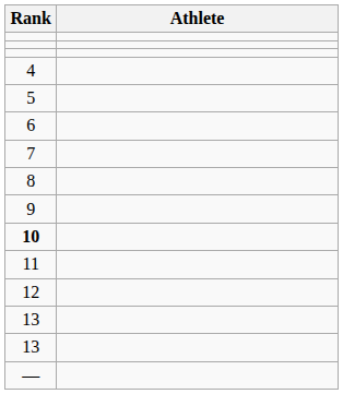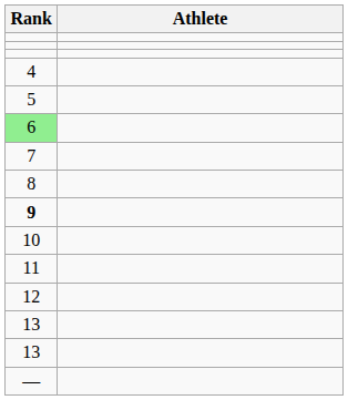 <table class="wikitable" style="text-align: center;">
 <tr>
 <th width=40>Rank</th>
 <th width=250>Athlete</th>
 </tr>
 <tr>
 <td></td>
 <td align="left"></td>
 </tr>
 <tr>
 <td></td>
 <td align="left"></td>
 </tr>
 <tr>
 <td></td>
 <td align="left"></td>
 </tr>
 <tr>
 <td>4</td>
 <td align="left"></td>
 </tr>
 <tr>
 <td>5</td>
 <td align="left"></td>
 </tr>
 <tr>
-<td>6</td>
+<td style="background: lightgreen;">6</td>
 <td align="left"></td>
 </tr>
 <tr>
 <td>7</td>
 <td align="left"></td>
 </tr>
 <tr>
 <td>8</td>
 <td align="left"></td>
 </tr>
 <tr>
-<td>9</td>
+<td><strong>9</strong></td>
 <td align="left"></td>
 </tr>
 <tr>
-<td><strong>10</strong></td>
+<td>10</td>
 <td align="left"></td>
 </tr>
 <tr>
 <td>11</td>
 <td align="left"></td>
 </tr>
 <tr>
 <td>12</td>
 <td align="left"></td>
 </tr>
 <tr>
 <td>13</td>
 <td align="left"></td>
 </tr>
 <tr>
 <td>13</td>
 <td align="left"></td>
 </tr>
 <tr>
 <td>—</td>
 <td align="left"></td>
 </tr>
 </table>
